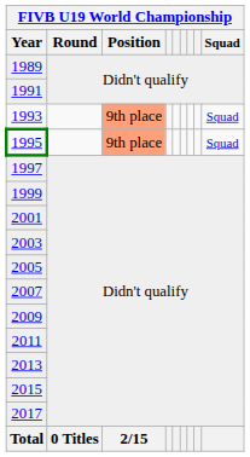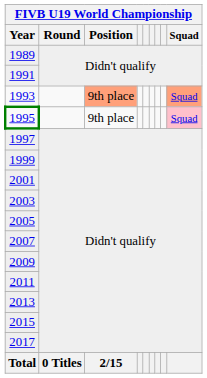 <table class="wikitable" style="text-align: center;">
 <tr>
 <th colspan=9><a href='#'>FIVB U19 World Championship</a></th>
 </tr>
 <tr>
 <th>Year</th>
 <th>Round</th>
 <th>Position</th>
 <th></th>
 <th></th>
 <th></th>
 <th></th>
 <th></th>
 <th><small>Squad</small></th>
 </tr>
 <tr bgcolor="efefef">
 <td> <a href='#'>1989</a></td>
 <td colspan="8" rowspan=2>Didn't qualify</td>
 </tr>
 <tr bgcolor="efefef">
 <td> <a href='#'>1991</a></td>
 </tr>
 <tr>
 <td> <a href='#'>1993</a></td>
 <td></td>
 <td style="background: lightsalmon;">9th place</td>
 <td></td>
 <td></td>
 <td></td>
 <td></td>
 <td></td>
-<td><small><a href='#'>Squad</a></small></td>
+<td style="background: lightsalmon;"><small><a href='#'>Squad</a></small></td>
 </tr>
 <tr>
 <td style="border:3px solid green"> <a href='#'>1995</a></td>
 <td></td>
-<td style="background: lightsalmon;">9th place</td>
+<td>9th place</td>
 <td></td>
 <td></td>
 <td></td>
 <td></td>
 <td></td>
-<td><small><a href='#'>Squad</a></small></td>
+<td style="background: pink;"><small><a href='#'>Squad</a></small></td>
 </tr>
 <tr bgcolor="efefef">
 <td> <a href='#'>1997</a></td>
 <td colspan="8" rowspan="11">Didn't qualify</td>
 </tr>
 <tr bgcolor="efefef">
 <td> <a href='#'>1999</a></td>
 </tr>
 <tr bgcolor="efefef">
 <td> <a href='#'>2001</a></td>
 </tr>
 <tr bgcolor="efefef">
 <td> <a href='#'>2003</a></td>
 </tr>
 <tr bgcolor="efefef">
 <td> <a href='#'>2005</a></td>
 </tr>
 <tr bgcolor="efefef">
 <td> <a href='#'>2007</a></td>
 </tr>
 <tr bgcolor="efefef">
 <td> <a href='#'>2009</a></td>
 </tr>
 <tr bgcolor="efefef">
 <td> <a href='#'>2011</a></td>
 </tr>
 <tr bgcolor="efefef">
 <td> <a href='#'>2013</a></td>
 </tr>
 <tr bgcolor="efefef">
 <td> <a href='#'>2015</a></td>
 </tr>
 <tr bgcolor="efefef">
 <td> <a href='#'>2017</a></td>
 </tr>
 <tr>
 <th>Total</th>
 <th>0 Titles</th>
 <th>2/15</th>
 <th></th>
 <th></th>
 <th></th>
 <th></th>
 <th></th>
 <th></th>
 </tr>
 </table>
